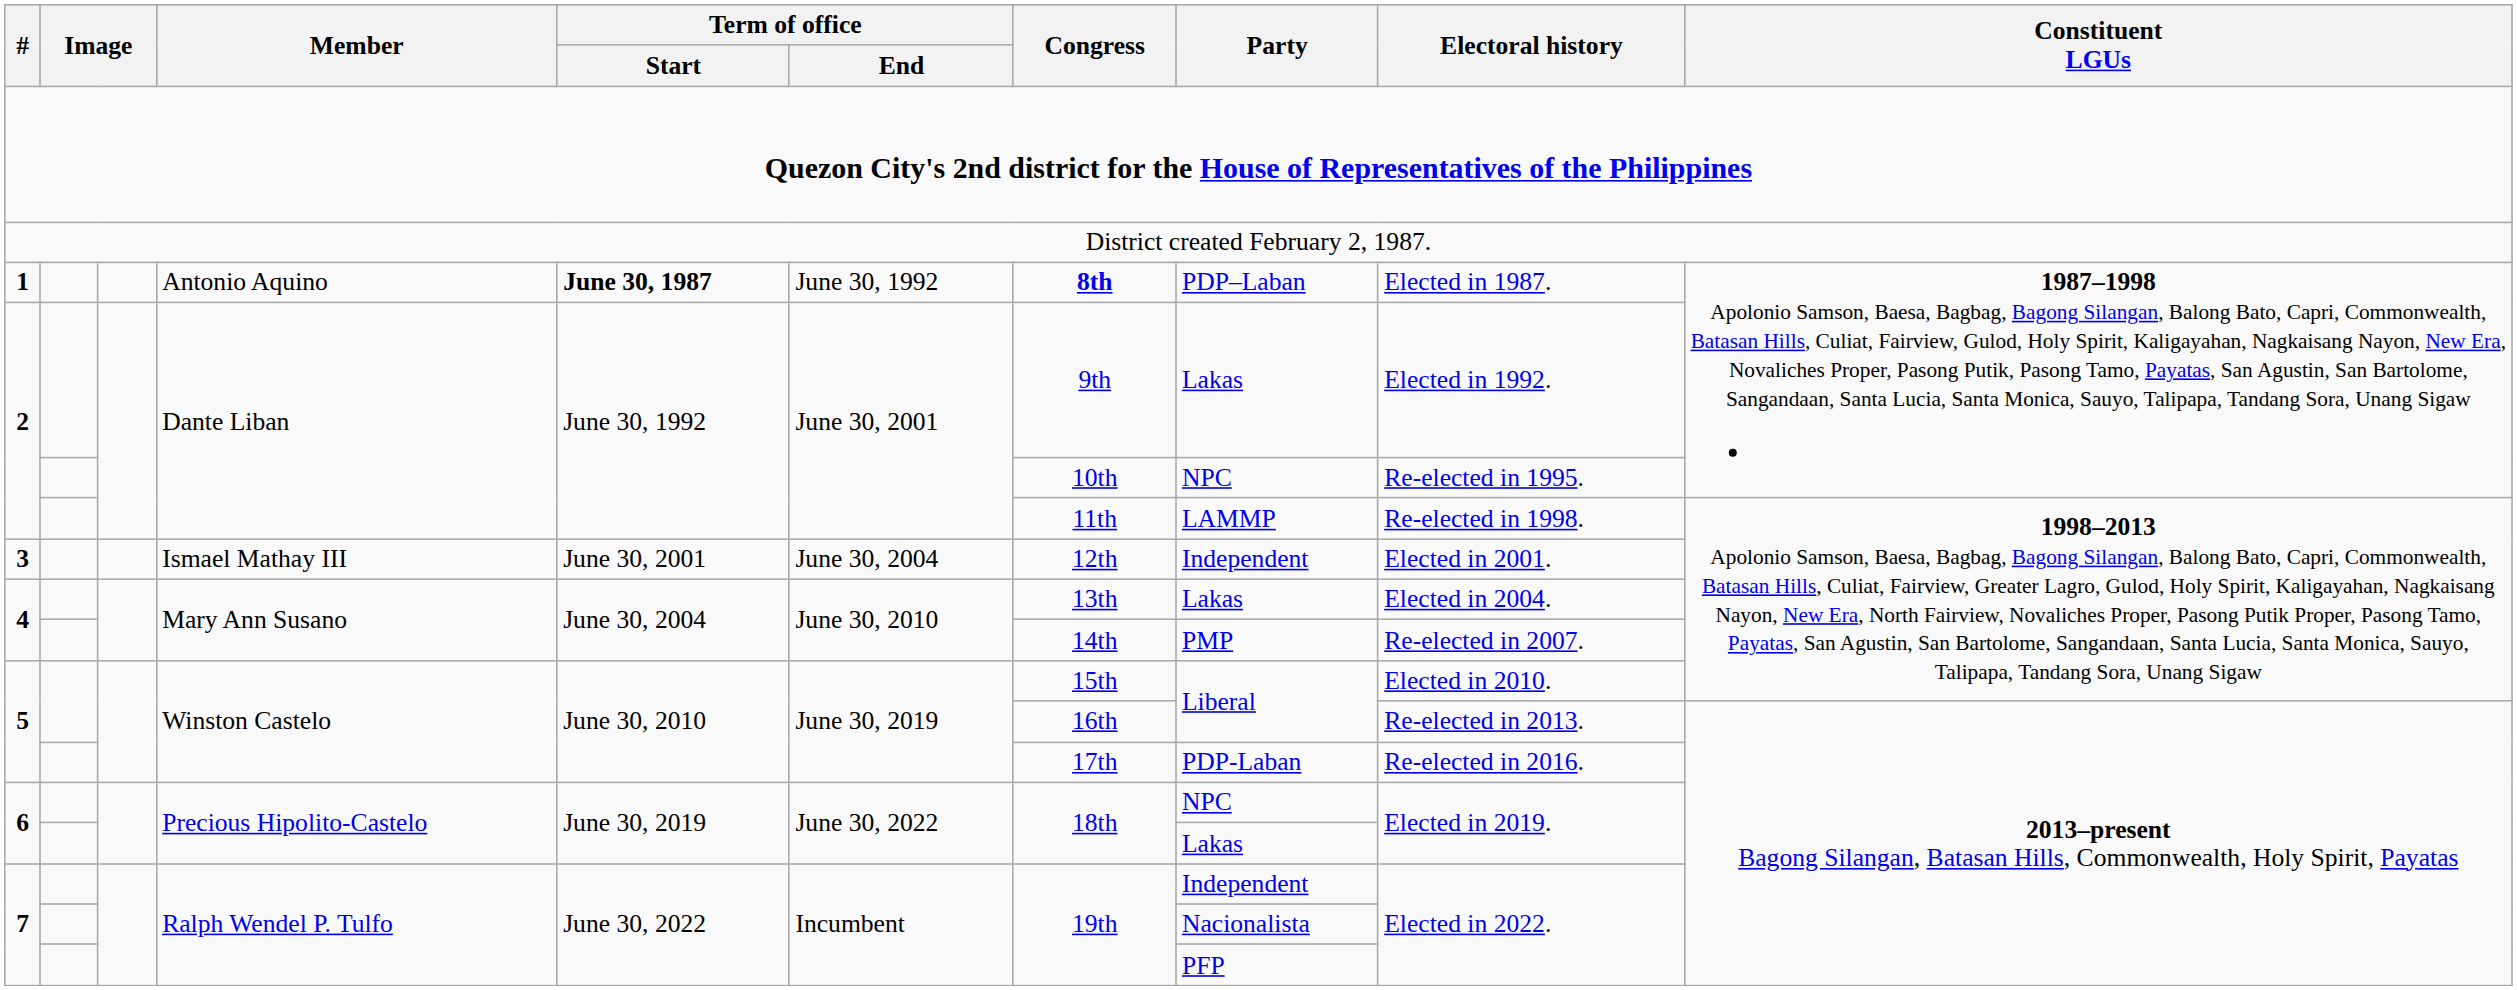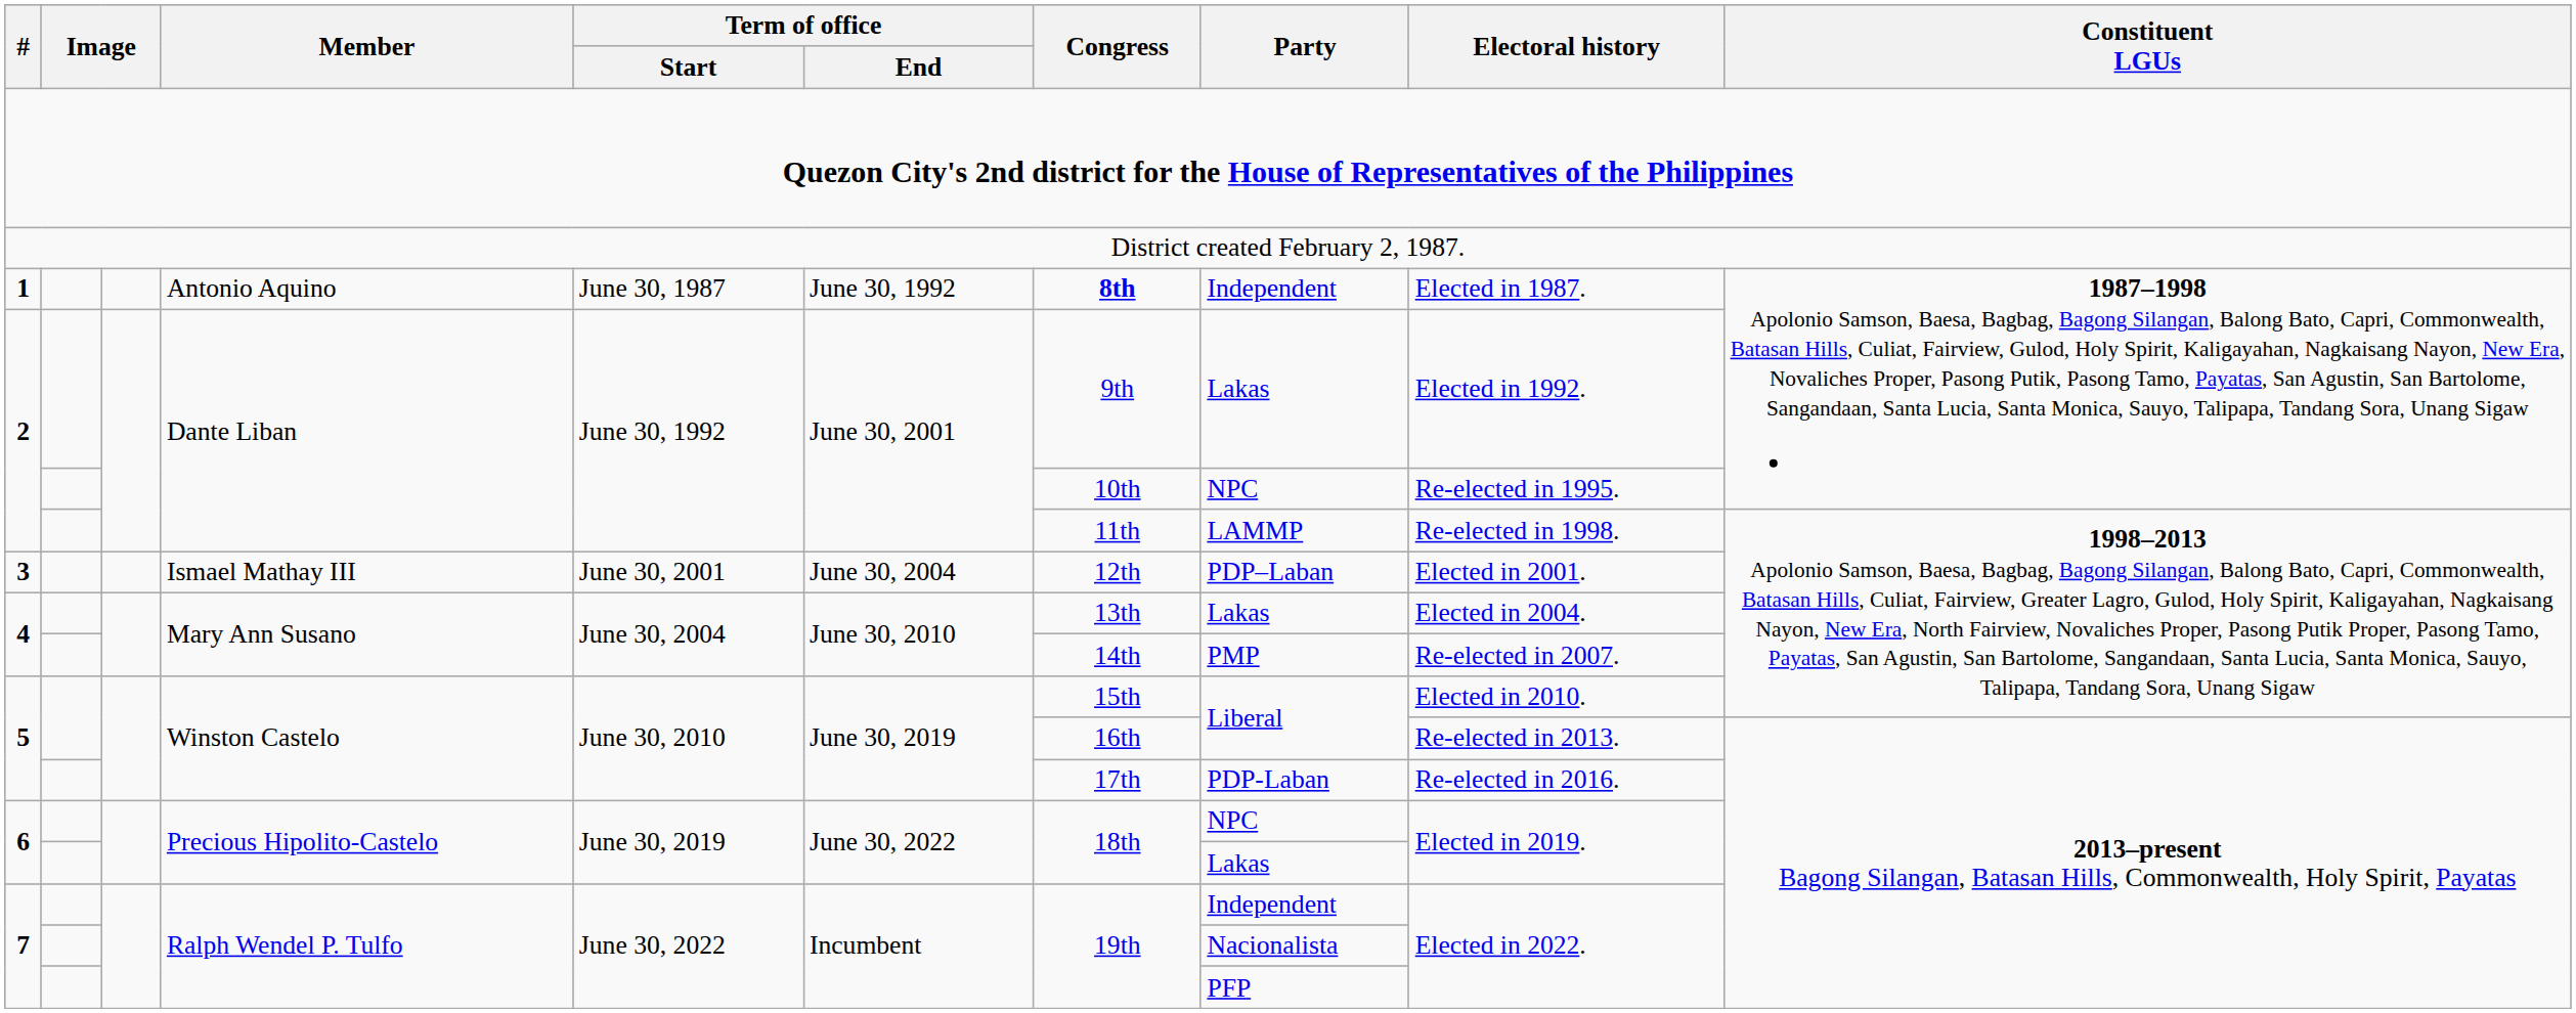 <table class="wikitable">
 <tr>
 <th rowspan="2">#</th>
 <th colspan="2" rowspan="2">Image</th>
 <th rowspan="2">Member</th>
 <th colspan="2">Term of office</th>
 <th rowspan="2">Congress</th>
 <th rowspan="2">Party</th>
 <th rowspan="2">Electoral history</th>
 <th rowspan="2" width="33%">Constituent<br><a href='#'>LGUs</a></th>
 </tr>
 <tr>
 <th>Start</th>
 <th>End</th>
 </tr>
 <tr>
 <td colspan="10" style="text-align:center;"><br><h3>Quezon City's 2nd district for the <a href='#'>House of Representatives of the Philippines</a></h3></td>
 </tr>
 <tr>
 <td colspan="10" style="text-align:center;">District created February 2, 1987.</td>
 </tr>
 <tr>
 <td style="text-align:center;"><strong>1</strong></td>
 <td style="color:inherit;background:"></td>
 <td></td>
 <td>Antonio Aquino</td>
-<td><strong>June 30, 1987</strong></td>
+<td>June 30, 1987</td>
 <td>June 30, 1992</td>
 <td style="text-align:center;"><strong><a href='#'>8th</a></strong></td>
-<td><a href='#'>PDP–Laban</a></td>
+<td><a href='#'>Independent</a></td>
 <td><a href='#'>Elected in 1987</a>.</td>
 <td rowspan="3" style="text-align:center;"><strong>1987–1998</strong><br><small>Apolonio Samson, Baesa, Bagbag, <a href='#'>Bagong Silangan</a>, Balong Bato, Capri, Commonwealth, <a href='#'>Batasan Hills</a>, Culiat, Fairview, Gulod, Holy Spirit, Kaligayahan, Nagkaisang Nayon, <a href='#'>New Era</a>, Novaliches Proper, Pasong Putik, Pasong Tamo, <a href='#'>Payatas</a>, San Agustin, San Bartolome, Sangandaan, Santa Lucia, Santa Monica, Sauyo, Talipapa, Tandang Sora, Unang Sigaw</small><br><ul><li></li></ul></td>
 </tr>
 <tr>
 <td style="text-align:center;" rowspan=3><strong>2</strong></td>
 <td style="color:inherit;background:"></td>
 <td rowspan=3></td>
 <td rowspan=3>Dante Liban</td>
 <td rowspan=3>June 30, 1992</td>
 <td rowspan=3>June 30, 2001</td>
 <td style="text-align:center;"><a href='#'>9th</a></td>
 <td><a href='#'>Lakas</a></td>
 <td><a href='#'>Elected in 1992</a>.</td>
 </tr>
 <tr>
 <td style="color:inherit;background:"></td>
 <td style="text-align:center;"><a href='#'>10th</a></td>
 <td><a href='#'>NPC</a></td>
 <td><a href='#'>Re-elected in 1995</a>.</td>
 </tr>
 <tr>
 <td style="color:inherit;background:"></td>
 <td style="text-align:center;"><a href='#'>11th</a></td>
 <td><a href='#'>LAMMP</a></td>
 <td><a href='#'>Re-elected in 1998</a>.</td>
 <td rowspan="5" style="text-align:center;"><strong>1998–2013</strong><br><small>Apolonio Samson, Baesa, Bagbag, <a href='#'>Bagong Silangan</a>, Balong Bato, Capri, Commonwealth, <a href='#'>Batasan Hills</a>, Culiat, Fairview, Greater Lagro, Gulod, Holy Spirit, Kaligayahan, Nagkaisang Nayon, <a href='#'>New Era</a>, North Fairview, Novaliches Proper, Pasong Putik Proper, Pasong Tamo, <a href='#'>Payatas</a>, San Agustin, San Bartolome, Sangandaan, Santa Lucia, Santa Monica, Sauyo, Talipapa, Tandang Sora, Unang Sigaw</small></td>
 </tr>
 <tr>
 <td style="text-align:center;"><strong>3</strong></td>
 <td style="color:inherit;background:"></td>
 <td></td>
 <td>Ismael Mathay III</td>
 <td>June 30, 2001</td>
 <td>June 30, 2004</td>
 <td style="text-align:center;"><a href='#'>12th</a></td>
-<td><a href='#'>Independent</a></td>
+<td><a href='#'>PDP–Laban</a></td>
 <td><a href='#'>Elected in 2001</a>.</td>
 </tr>
 <tr>
 <td style="text-align:center;" rowspan=2><strong>4</strong></td>
 <td style="color:inherit;background:"></td>
 <td rowspan=2></td>
 <td rowspan=2>Mary Ann Susano</td>
 <td rowspan=2>June 30, 2004</td>
 <td rowspan=2>June 30, 2010</td>
 <td style="text-align:center;"><a href='#'>13th</a></td>
 <td><a href='#'>Lakas</a></td>
 <td><a href='#'>Elected in 2004</a>.</td>
 </tr>
 <tr>
 <td style="color:inherit;background:"></td>
 <td style="text-align:center;"><a href='#'>14th</a></td>
 <td><a href='#'>PMP</a></td>
 <td><a href='#'>Re-elected in 2007</a>.</td>
 </tr>
 <tr>
 <td style="text-align:center;" rowspan=3><strong>5</strong></td>
 <td rowspan=2 style="color:inherit;background:"></td>
 <td rowspan=3></td>
 <td rowspan=3>Winston Castelo</td>
 <td rowspan=3>June 30, 2010</td>
 <td rowspan=3>June 30, 2019</td>
 <td style="text-align:center;"><a href='#'>15th</a></td>
 <td rowspan=2><a href='#'>Liberal</a></td>
 <td><a href='#'>Elected in 2010</a>.</td>
 </tr>
 <tr>
 <td style="text-align:center;"><a href='#'>16th</a></td>
 <td><a href='#'>Re-elected in 2013</a>.</td>
 <td rowspan="7" style="text-align:center;"><strong>2013–present</strong><br><a href='#'>Bagong Silangan</a>, <a href='#'>Batasan Hills</a>, Commonwealth, Holy Spirit, <a href='#'>Payatas</a></td>
 </tr>
 <tr>
 <td style="color:inherit;background:"></td>
 <td style="text-align:center;"><a href='#'>17th</a></td>
 <td><a href='#'>PDP-Laban</a></td>
 <td><a href='#'>Re-elected in 2016</a>.</td>
 </tr>
 <tr>
 <td style="text-align:center;" rowspan=2><strong>6</strong></td>
 <td style="color:inherit;background:"></td>
 <td rowspan=2></td>
 <td rowspan=2><a href='#'>Precious Hipolito-Castelo</a></td>
 <td rowspan=2>June 30, 2019</td>
 <td rowspan=2>June 30, 2022</td>
 <td style="text-align:center;" rowspan=2><a href='#'>18th</a></td>
 <td><a href='#'>NPC</a></td>
 <td rowspan=2><a href='#'>Elected in 2019</a>.</td>
 </tr>
 <tr>
 <td style="color:inherit;background:"></td>
 <td><a href='#'>Lakas</a></td>
 </tr>
 <tr>
 <td style="text-align:center;" rowspan=3><strong>7</strong></td>
 <td style="color:inherit;background:"></td>
 <td rowspan=3></td>
 <td rowspan=3><a href='#'>Ralph Wendel P. Tulfo</a></td>
 <td rowspan=3>June 30, 2022</td>
 <td rowspan=3>Incumbent</td>
 <td style="text-align:center;" rowspan=3><a href='#'>19th</a></td>
 <td><a href='#'>Independent</a></td>
 <td rowspan=3><a href='#'>Elected in 2022</a>.</td>
 </tr>
 <tr>
 <td style="color:inherit;background:"></td>
 <td><a href='#'>Nacionalista</a></td>
 </tr>
 <tr>
 <td style="color:inherit;background:"></td>
 <td><a href='#'>PFP</a></td>
 </tr>
 </table>
